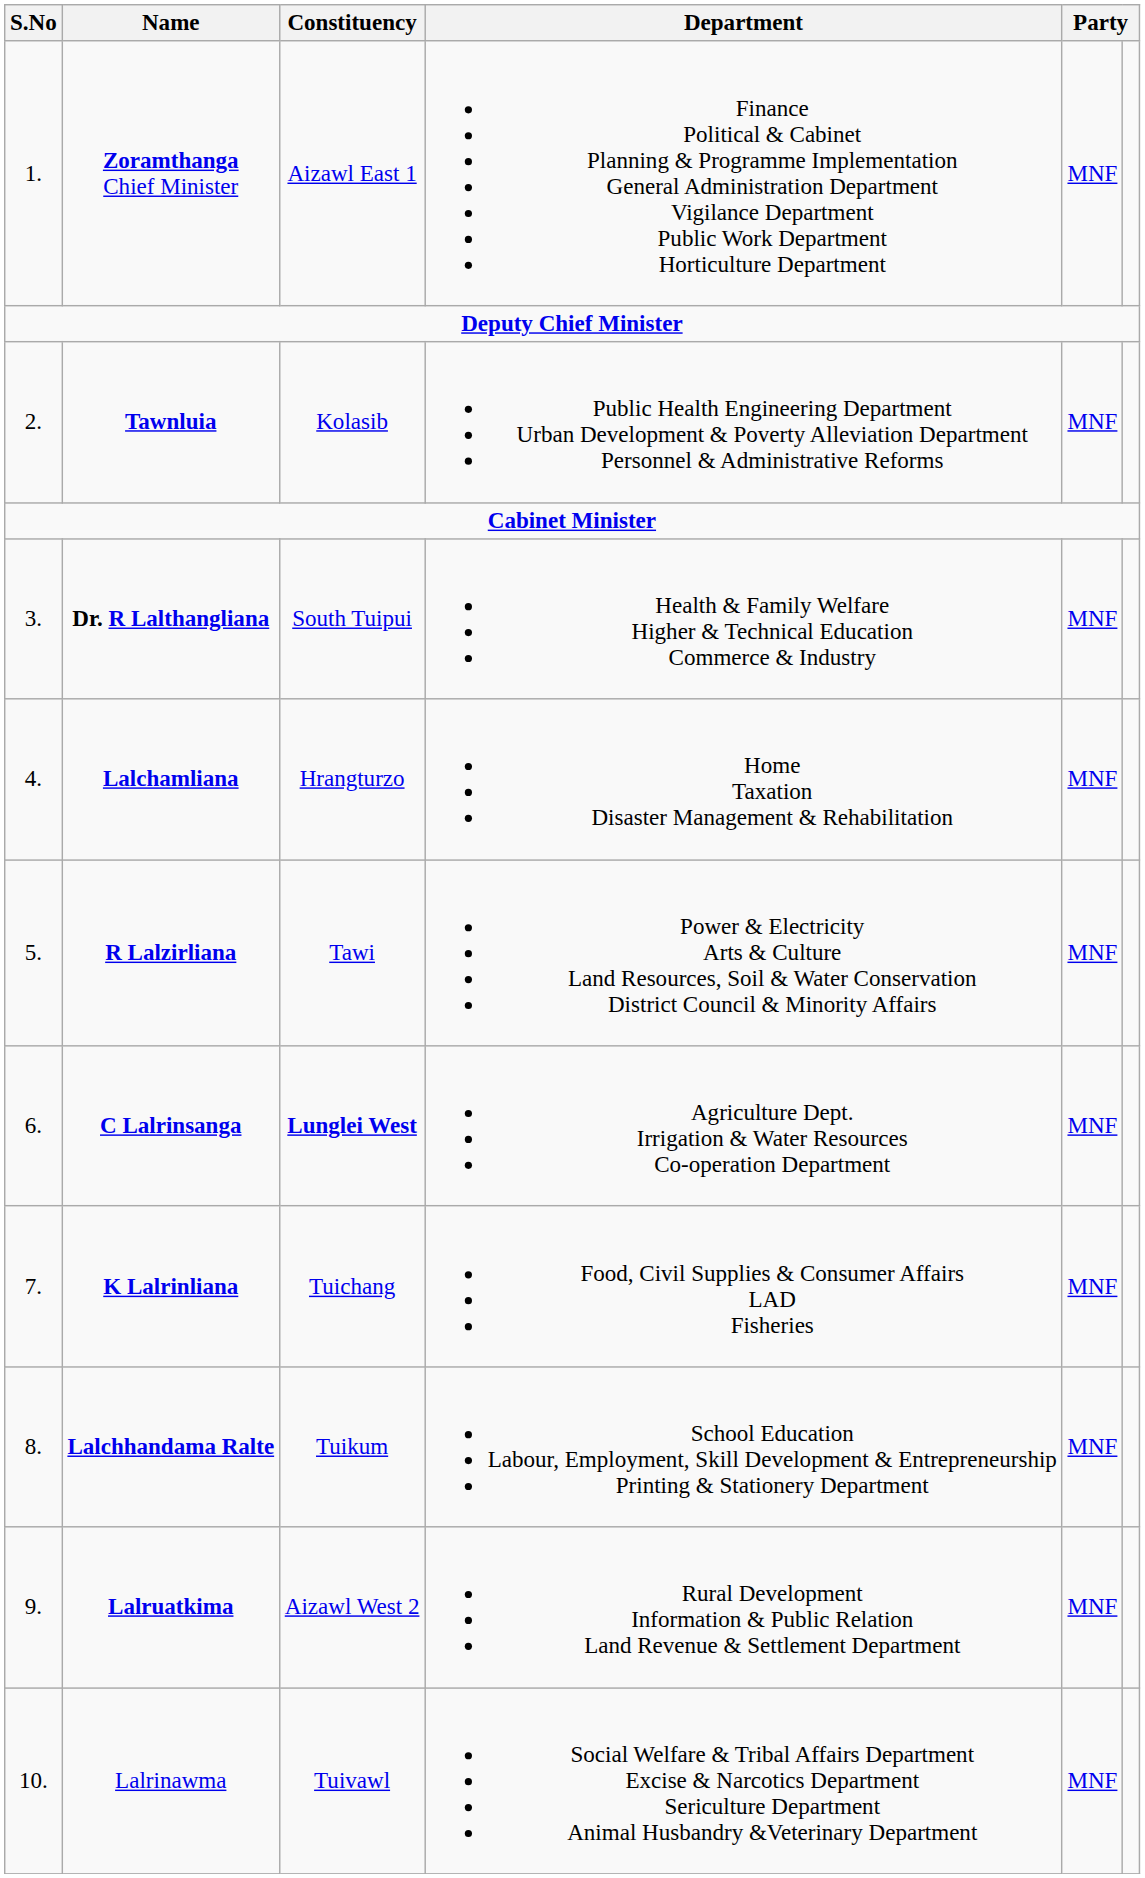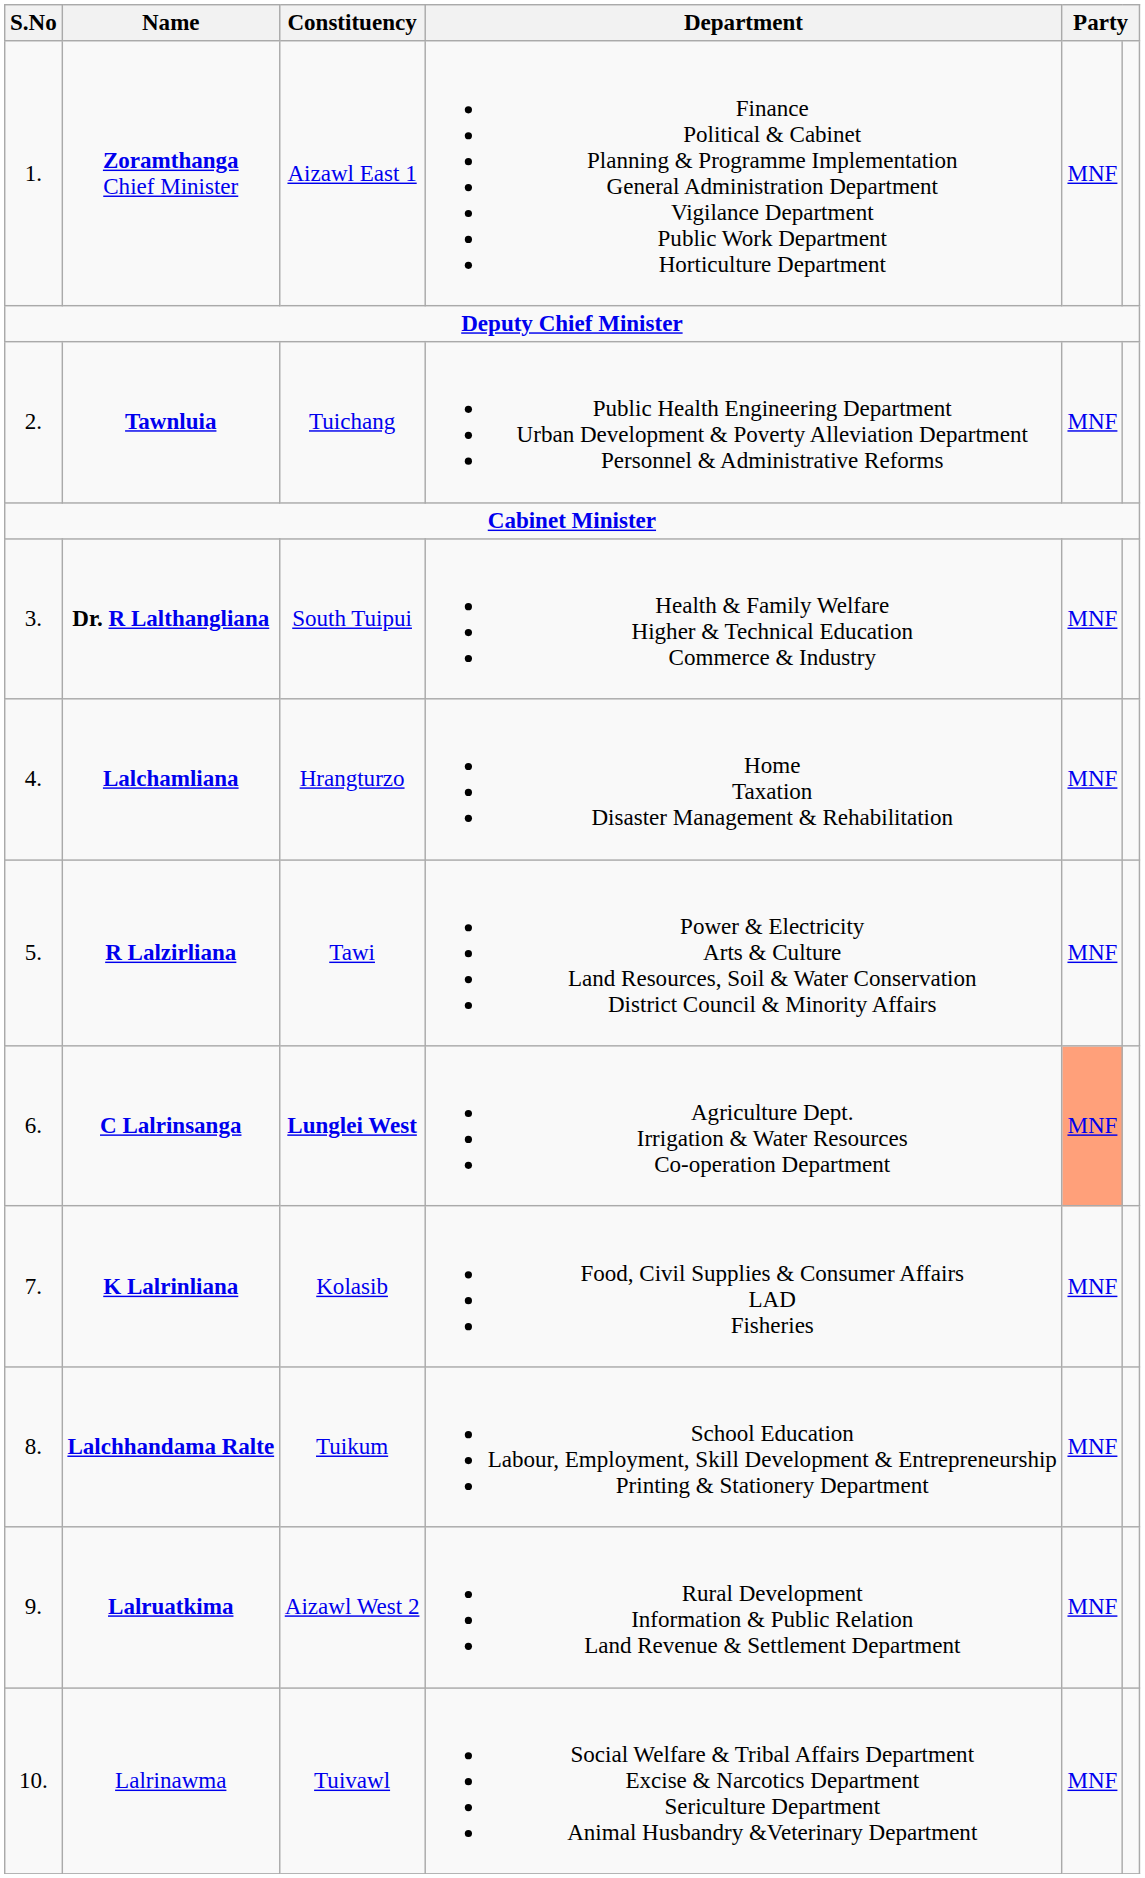 <table class="wikitable sortable" style="text-align:center;">
 <tr>
 <th>S.No</th>
 <th>Name</th>
 <th>Constituency</th>
 <th>Department</th>
 <th colspan="2" scope="col">Party</th>
 </tr>
 <tr>
 <td>1.</td>
 <td><strong><a href='#'>Zoramthanga</a></strong><br><a href='#'>Chief Minister</a></td>
 <td><a href='#'>Aizawl East 1</a></td>
 <td><br><ul><li>Finance</li><li>Political & Cabinet</li><li>Planning & Programme Implementation</li><li>General Administration Department</li><li>Vigilance Department</li><li>Public Work Department</li><li>Horticulture Department</li></ul></td>
 <td><a href='#'>MNF</a></td>
 <td width="4px" style="background-color: "></td>
 </tr>
 <tr>
 <td style="text-align: center;" colspan=6><strong><a href='#'>Deputy Chief Minister</a></strong></td>
 </tr>
 <tr>
 <td>2.</td>
 <td><strong><a href='#'>Tawnluia</a></strong></td>
-<td><a href='#'>Kolasib</a></td>
+<td><a href='#'>Tuichang</a></td>
 <td><br><ul><li>Public Health Engineering Department</li><li>Urban Development & Poverty Alleviation Department</li><li>Personnel & Administrative Reforms</li></ul></td>
 <td><a href='#'>MNF</a></td>
 <td width="4px" style="background-color: "></td>
 </tr>
 <tr>
 <td style="text-align: center;" colspan=6><strong><a href='#'>Cabinet Minister</a></strong></td>
 </tr>
 <tr>
 <td>3.</td>
 <td><strong>Dr. <a href='#'>R Lalthangliana</a></strong></td>
 <td><a href='#'>South Tuipui</a></td>
 <td><br><ul><li>Health & Family Welfare</li><li>Higher & Technical Education</li><li>Commerce & Industry</li></ul></td>
 <td><a href='#'>MNF</a></td>
 <td width="4px" style="background-color: "></td>
 </tr>
 <tr>
 <td>4.</td>
 <td><strong><a href='#'>Lalchamliana</a></strong></td>
 <td><a href='#'>Hrangturzo</a></td>
 <td><br><ul><li>Home</li><li>Taxation</li><li>Disaster Management & Rehabilitation</li></ul></td>
 <td><a href='#'>MNF</a></td>
 <td width="4px" style="background-color: "></td>
 </tr>
 <tr>
 <td>5.</td>
 <td><strong><a href='#'>R Lalzirliana</a></strong></td>
 <td><a href='#'>Tawi</a></td>
 <td><br><ul><li>Power & Electricity</li><li>Arts & Culture</li><li>Land Resources, Soil & Water Conservation</li><li>District Council & Minority Affairs</li></ul></td>
 <td><a href='#'>MNF</a></td>
 <td width="4px" style="background-color: "></td>
 </tr>
 <tr>
 <td>6.</td>
 <td><strong><a href='#'>C Lalrinsanga</a></strong></td>
 <td><strong><a href='#'>Lunglei West</a></strong></td>
 <td><br><ul><li>Agriculture Dept.</li><li>Irrigation & Water Resources</li><li>Co-operation Department</li></ul></td>
-<td><a href='#'>MNF</a></td>
+<td style="background: lightsalmon;"><a href='#'>MNF</a></td>
 <td width="4px" style="background-color: "></td>
 </tr>
 <tr>
 <td>7.</td>
 <td><strong><a href='#'>K Lalrinliana</a></strong></td>
-<td><a href='#'>Tuichang</a></td>
+<td><a href='#'>Kolasib</a></td>
 <td><br><ul><li>Food, Civil Supplies & Consumer Affairs</li><li>LAD</li><li>Fisheries</li></ul></td>
 <td><a href='#'>MNF</a></td>
 <td width="4px" style="background-color: "></td>
 </tr>
 <tr>
 <td>8.</td>
 <td><strong><a href='#'>Lalchhandama Ralte</a></strong></td>
 <td><a href='#'>Tuikum</a></td>
 <td><br><ul><li>School Education</li><li>Labour, Employment, Skill Development & Entrepreneurship</li><li>Printing & Stationery Department</li></ul></td>
 <td><a href='#'>MNF</a></td>
 <td width="4px" style="background-color: "></td>
 </tr>
 <tr>
 <td>9.</td>
 <td><strong><a href='#'>Lalruatkima</a></strong></td>
 <td><a href='#'>Aizawl West 2</a></td>
 <td><br><ul><li>Rural Development</li><li>Information & Public Relation</li><li>Land Revenue & Settlement Department</li></ul></td>
 <td><a href='#'>MNF</a></td>
 <td width="4px" style="background-color: "></td>
 </tr>
 <tr>
 <td>10.</td>
 <td><a href='#'>Lalrinawma</a></td>
 <td><a href='#'>Tuivawl</a></td>
 <td><br><ul><li>Social Welfare & Tribal Affairs Department</li><li>Excise & Narcotics Department</li><li>Sericulture Department</li><li>Animal Husbandry &Veterinary Department</li></ul></td>
 <td><a href='#'>MNF</a></td>
 <td width="4px" style="background-color: "></td>
 </tr>
 </table>
